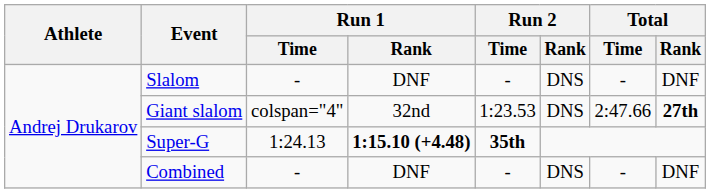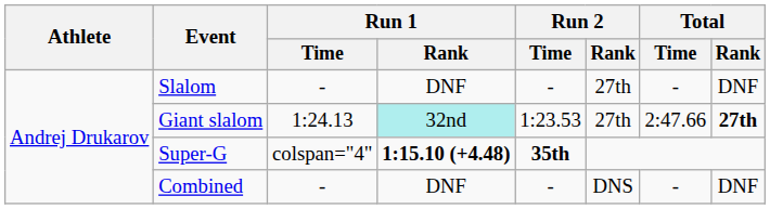 <table class="wikitable" style="font-size:90%">
 <tr>
 <th rowspan=2>Athlete</th>
 <th rowspan=2>Event</th>
 <th colspan=2>Run 1</th>
 <th colspan=2>Run 2</th>
 <th colspan=2>Total</th>
 </tr>
 <tr style="font-size:95%">
 <th>Time</th>
 <th>Rank</th>
 <th>Time</th>
 <th>Rank</th>
 <th>Time</th>
 <th>Rank</th>
 </tr>
 <tr align=center>
 <td align="left" rowspan="4"><a href='#'>Andrej Drukarov</a></td>
 <td align="left"><a href='#'>Slalom</a></td>
 <td>-</td>
 <td>DNF</td>
 <td>-</td>
-<td>DNS</td>
+<td>27th</td>
 <td>-</td>
 <td>DNF</td>
 </tr>
 <tr align=center>
 <td align="left"><a href='#'>Giant slalom</a></td>
-<td>colspan="4" </td>
-<td>32nd</td>
+<td>1:24.13</td>
+<td style="background: paleturquoise;">32nd</td>
 <td>1:23.53</td>
-<td>DNS</td>
+<td>27th</td>
 <td>2:47.66</td>
 <td><strong>27th</strong></td>
 </tr>
 <tr align=center>
 <td align="left"><a href='#'>Super-G</a></td>
-<td>1:24.13</td>
+<td>colspan="4" </td>
 <td><strong>1:15.10 (+4.48)</strong></td>
 <td><strong>35th</strong></td>
 </tr>
 <tr align=center>
 <td align="left"><a href='#'>Combined</a></td>
 <td>-</td>
 <td>DNF</td>
 <td>-</td>
 <td>DNS</td>
 <td>-</td>
 <td>DNF</td>
 </tr>
 </table>
